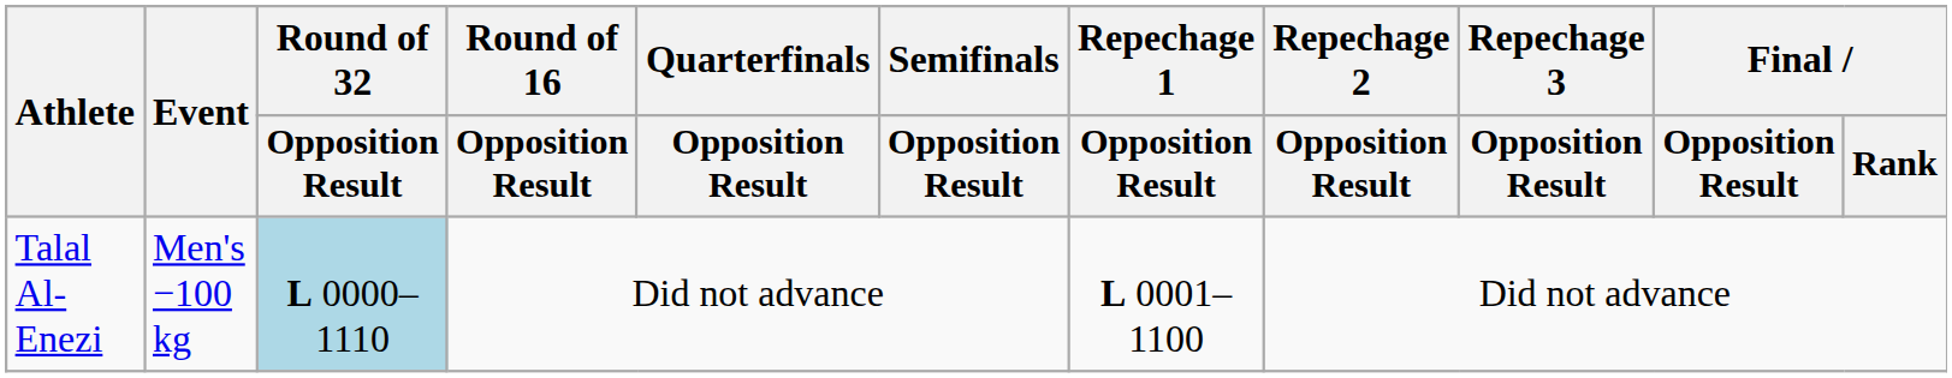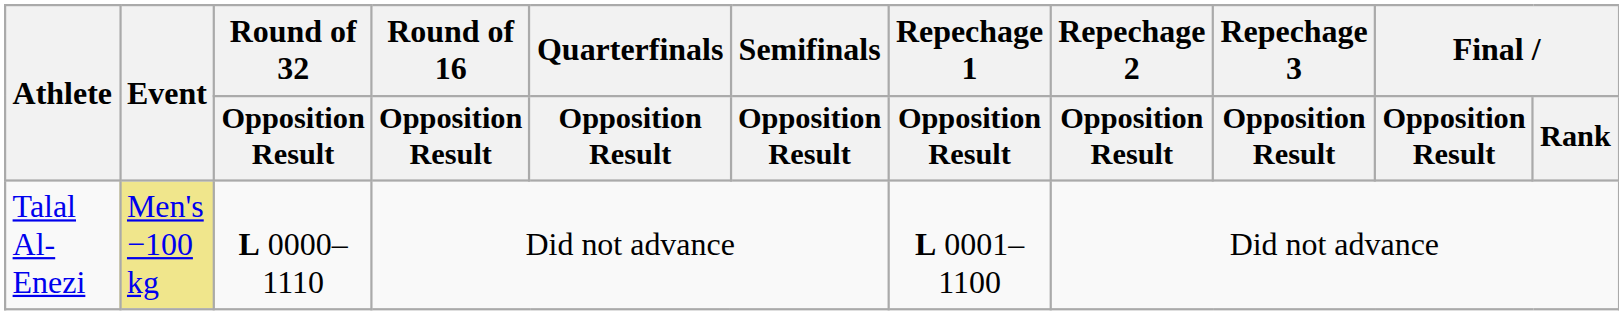 <table class="wikitable" style="font-size:90%">
 <tr>
 <th rowspan="2">Athlete</th>
 <th rowspan="2">Event</th>
 <th>Round of 32</th>
 <th>Round of 16</th>
 <th>Quarterfinals</th>
 <th>Semifinals</th>
 <th>Repechage 1</th>
 <th>Repechage 2</th>
 <th>Repechage 3</th>
 <th colspan=2>Final / </th>
 </tr>
 <tr style="font-size:95%">
 <th>Opposition<br>Result</th>
 <th>Opposition<br>Result</th>
 <th>Opposition<br>Result</th>
 <th>Opposition<br>Result</th>
 <th>Opposition<br>Result</th>
 <th>Opposition<br>Result</th>
 <th>Opposition<br>Result</th>
 <th>Opposition<br>Result</th>
 <th>Rank</th>
 </tr>
 <tr align=center>
 <td align=left><a href='#'>Talal Al-Enezi</a></td>
-<td align=left><a href='#'>Men's −100 kg</a></td>
-<td style="background: lightblue;"><br><strong>L</strong> 0000–1110</td>
+<td align=left style="background: khaki;"><a href='#'>Men's −100 kg</a></td>
+<td><br><strong>L</strong> 0000–1110</td>
 <td colspan=3>Did not advance</td>
 <td><br><strong>L</strong> 0001–1100</td>
 <td colspan=4>Did not advance</td>
 </tr>
 </table>
